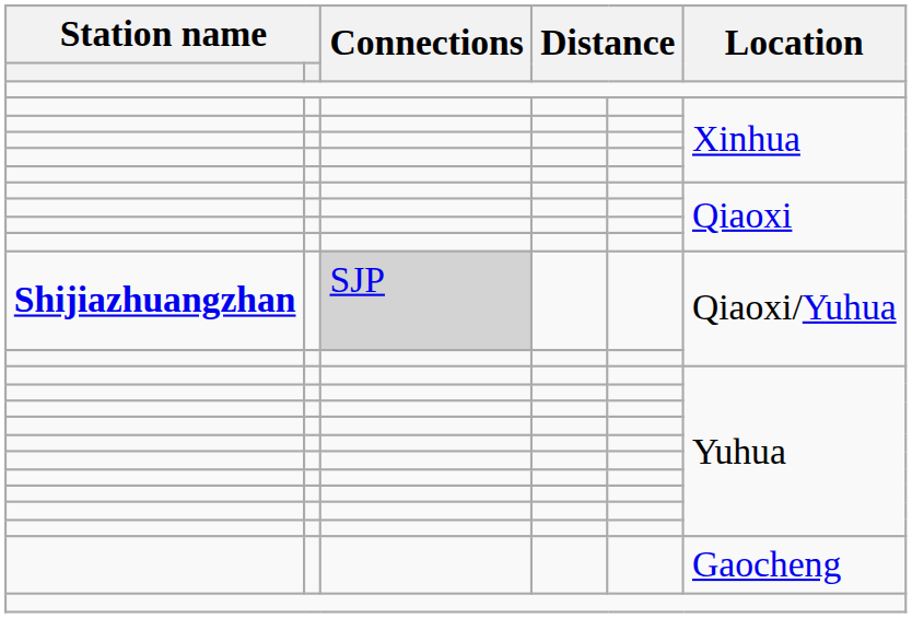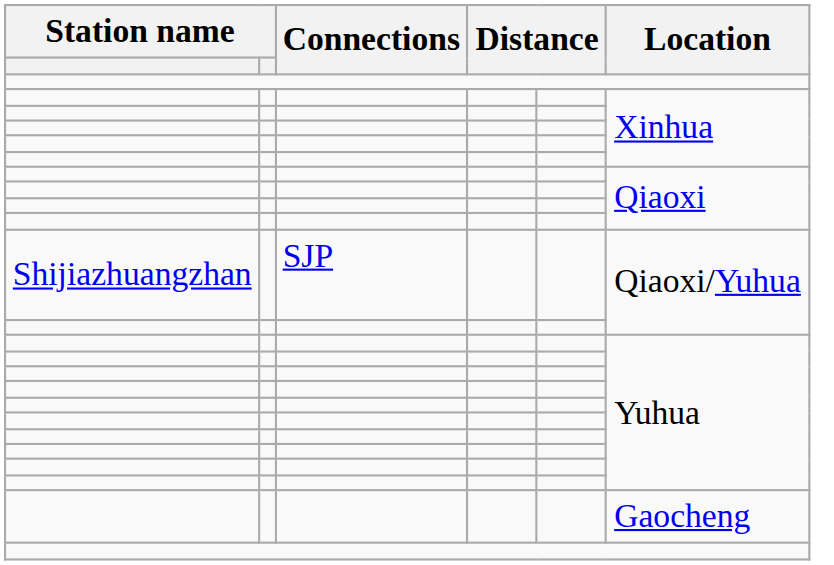 <table class="wikitable">
 <tr>
 <th colspan="2">Station name</th>
 <th rowspan="2">Connections</th>
 <th colspan="2" rowspan="2">Distance<br></th>
 <th rowspan="2">Location</th>
 </tr>
 <tr>
 <th></th>
 <th></th>
 </tr>
 <tr style="background:#">
 <td colspan="6"></td>
 </tr>
 <tr>
 <td></td>
 <td></td>
 <td></td>
 <td></td>
 <td></td>
 <td rowspan="5"><a href='#'>Xinhua</a></td>
 </tr>
 <tr>
 <td></td>
 <td></td>
 <td></td>
 <td></td>
 <td></td>
 </tr>
 <tr>
 <td></td>
 <td></td>
 <td></td>
 <td></td>
 <td></td>
 </tr>
 <tr>
 <td></td>
 <td></td>
 <td></td>
 <td></td>
 <td></td>
 </tr>
 <tr>
 <td></td>
 <td></td>
 <td></td>
 <td></td>
 <td></td>
 </tr>
 <tr>
 <td></td>
 <td></td>
 <td></td>
 <td></td>
 <td></td>
 <td rowspan="4"><a href='#'>Qiaoxi</a></td>
 </tr>
 <tr>
 <td></td>
 <td></td>
 <td></td>
 <td></td>
 <td></td>
 </tr>
 <tr>
 <td></td>
 <td></td>
 <td></td>
 <td></td>
 <td></td>
 </tr>
 <tr>
 <td></td>
 <td></td>
 <td></td>
 <td></td>
 <td></td>
 </tr>
 <tr>
-<td><strong><a href='#'>Shijiazhuangzhan</a></strong></td>
+<td><a href='#'>Shijiazhuangzhan</a></td>
 <td></td>
-<td style="background: lightgrey;"> <a href='#'>SJP</a><br><br></td>
+<td> <a href='#'>SJP</a><br><br></td>
 <td></td>
 <td></td>
 <td rowspan="2">Qiaoxi/<a href='#'>Yuhua</a></td>
 </tr>
 <tr>
 <td></td>
 <td></td>
 <td></td>
 <td></td>
 <td></td>
 </tr>
 <tr>
 <td></td>
 <td></td>
 <td></td>
 <td></td>
 <td></td>
 <td rowspan="10">Yuhua</td>
 </tr>
 <tr>
 <td></td>
 <td></td>
 <td></td>
 <td></td>
 <td></td>
 </tr>
 <tr>
 <td></td>
 <td></td>
 <td></td>
 <td></td>
 <td></td>
 </tr>
 <tr>
 <td></td>
 <td></td>
 <td></td>
 <td></td>
 <td></td>
 </tr>
 <tr>
 <td></td>
 <td></td>
 <td></td>
 <td></td>
 <td></td>
 </tr>
 <tr>
 <td></td>
 <td></td>
 <td></td>
 <td></td>
 <td></td>
 </tr>
 <tr>
 <td></td>
 <td></td>
 <td></td>
 <td></td>
 <td></td>
 </tr>
 <tr>
 <td></td>
 <td></td>
 <td></td>
 <td></td>
 <td></td>
 </tr>
 <tr>
 <td></td>
 <td></td>
 <td></td>
 <td></td>
 <td></td>
 </tr>
 <tr>
 <td></td>
 <td></td>
 <td></td>
 <td></td>
 <td></td>
 </tr>
 <tr>
 <td></td>
 <td></td>
 <td></td>
 <td></td>
 <td></td>
 <td><a href='#'>Gaocheng</a></td>
 </tr>
 <tr style="background:#">
 <td colspan="6"></td>
 </tr>
 </table>
